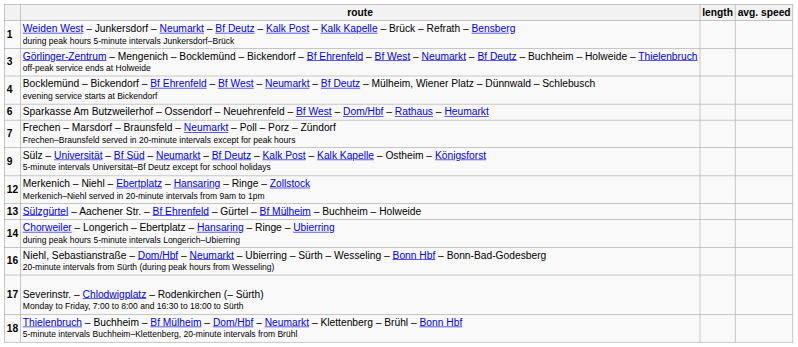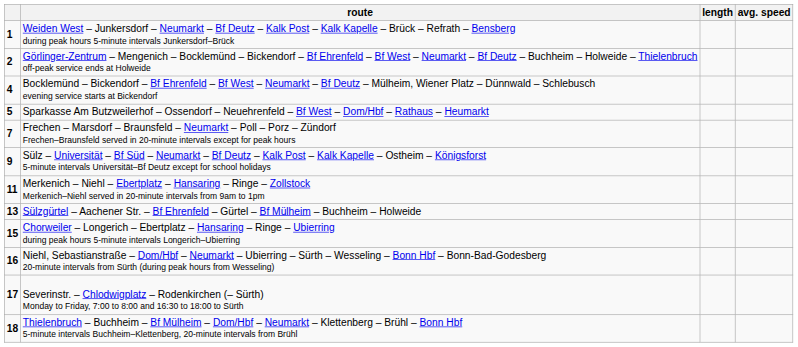 <table class="wikitable">
 <tr>
 <th></th>
 <th>route</th>
 <th>length</th>
 <th>avg. speed</th>
 </tr>
 <tr>
 <td style="background:#"><strong>1</strong></td>
 <td><a href='#'>Weiden West</a> – Junkersdorf – <a href='#'>Neumarkt</a> – <a href='#'>Bf Deutz</a> – <a href='#'>Kalk Post</a> – <a href='#'>Kalk Kapelle</a> – Brück – Refrath – <a href='#'>Bensberg</a><br><small>during peak hours 5-minute intervals Junkersdorf–Brück</small></td>
 <td></td>
 <td></td>
 </tr>
 <tr>
-<td style="background:#"><strong>3</strong></td>
+<td style="background:#"><strong>2</strong></td>
 <td><a href='#'>Görlinger-Zentrum</a> – Mengenich – Bocklemünd – Bickendorf – <a href='#'>Bf Ehrenfeld</a> – <a href='#'>Bf West</a> – <a href='#'>Neumarkt</a> – <a href='#'>Bf Deutz</a> – Buchheim – Holweide – <a href='#'>Thielenbruch</a><br><small>off-peak service ends at Holweide</small></td>
 <td></td>
 <td></td>
 </tr>
 <tr>
 <td style="background:#"><strong>4</strong></td>
 <td>Bocklemünd – Bickendorf – <a href='#'>Bf Ehrenfeld</a> – <a href='#'>Bf West</a> – <a href='#'>Neumarkt</a> – <a href='#'>Bf Deutz</a> – Mülheim, Wiener Platz – Dünnwald – Schlebusch<br><small>evening service starts at Bickendorf</small></td>
 <td></td>
 <td></td>
 </tr>
 <tr>
-<td style="background:#"><strong>6</strong></td>
+<td style="background:#"><strong>5</strong></td>
 <td>Sparkasse Am Butzweilerhof – Ossendorf – Neuehrenfeld – <a href='#'>Bf West</a> – <a href='#'>Dom/Hbf</a> – <a href='#'>Rathaus</a> – <a href='#'>Heumarkt</a></td>
 <td></td>
 <td></td>
 </tr>
 <tr>
 <td style="background:#"><strong>7</strong></td>
 <td>Frechen – Marsdorf – Braunsfeld – <a href='#'>Neumarkt</a> – Poll – Porz – Zündorf<br><small>Frechen–Braunsfeld served in 20-minute intervals except for peak hours</small></td>
 <td></td>
 <td></td>
 </tr>
 <tr>
 <td style="background:#"><strong>9</strong></td>
 <td>Sülz – <a href='#'>Universität</a> – <a href='#'>Bf Süd</a> – <a href='#'>Neumarkt</a> – <a href='#'>Bf Deutz</a> – <a href='#'>Kalk Post</a> – <a href='#'>Kalk Kapelle</a> – Ostheim – <a href='#'>Königsforst</a><br><small>5-minute intervals Universität–Bf Deutz except for school holidays</small></td>
 <td></td>
 <td></td>
 </tr>
 <tr>
-<td style="background:#"><strong>12</strong></td>
+<td style="background:#"><strong>11</strong></td>
 <td>Merkenich – Niehl – <a href='#'>Ebertplatz</a> – <a href='#'>Hansaring</a> – Ringe – <a href='#'>Zollstock</a><br><small>Merkenich–Niehl served in 20-minute intervals from 9am to 1pm</small></td>
 <td></td>
 <td></td>
 </tr>
 <tr>
 <td style="background:#"><strong>13</strong></td>
 <td><a href='#'>Sülzgürtel</a> – Aachener Str. – <a href='#'>Bf Ehrenfeld</a> – Gürtel – <a href='#'>Bf Mülheim</a> – Buchheim – Holweide</td>
 <td></td>
 <td></td>
 </tr>
 <tr>
-<td style="background:#"><strong>14</strong></td>
+<td style="background:#"><strong>15</strong></td>
 <td><a href='#'>Chorweiler</a> – Longerich – Ebertplatz – <a href='#'>Hansaring</a> – Ringe – <a href='#'>Ubierring</a><br><small>during peak hours 5-minute intervals Longerich–Ubierring</small></td>
 <td></td>
 <td></td>
 </tr>
 <tr>
 <td style="background:#"><strong>16</strong></td>
 <td>Niehl, Sebastianstraße – <a href='#'>Dom/Hbf</a> – <a href='#'>Neumarkt</a> – Ubierring – Sürth – Wesseling – <a href='#'>Bonn Hbf</a> – Bonn-Bad-Godesberg<br><small>20-minute intervals from Sürth (during peak hours from Wesseling)</small></td>
 <td></td>
 <td></td>
 </tr>
 <tr>
 <td style="background:#"><strong>17</strong></td>
 <td><br>Severinstr. – <a href='#'>Chlodwigplatz</a> – Rodenkirchen (– Sürth)<br><small>Monday to Friday, 7:00 to 8:00 and 16:30 to 18:00 to Sürth</small></td>
 <td></td>
 </tr>
 <tr>
 <td style="background:#"><strong>18</strong></td>
 <td><a href='#'>Thielenbruch</a> – Buchheim – <a href='#'>Bf Mülheim</a> – <a href='#'>Dom/Hbf</a> – <a href='#'>Neumarkt</a> – Klettenberg – Brühl – <a href='#'>Bonn Hbf</a><br><small>5-minute intervals Buchheim–Klettenberg, 20-minute intervals from Brühl</small></td>
 <td></td>
 <td></td>
 </tr>
 </table>
